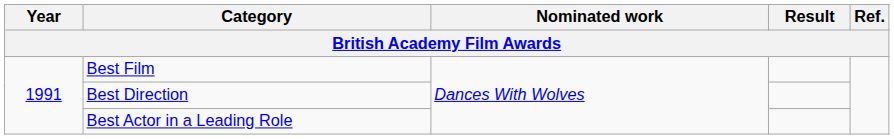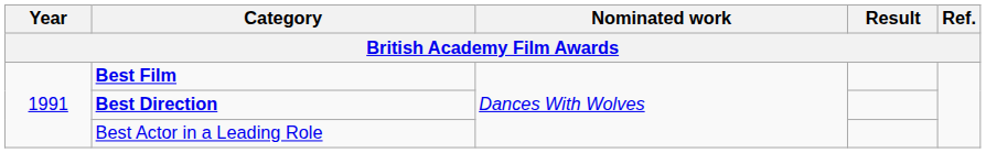 <table class=wikitable>
 <tr>
 <th scope="col" style="width:5em;">Year</th>
 <th scope="col" style="width:26em;">Category</th>
 <th scope="col" style="width:25em;">Nominated work</th>
 <th scope="col" style="width:5em;">Result</th>
 <th>Ref.</th>
 </tr>
 <tr>
 <th colspan=5><a href='#'>British Academy Film Awards</a></th>
 </tr>
 <tr>
 <td style="text-align:center;", rowspan="3"><a href='#'>1991</a></td>
-<td><a href='#'>Best Film</a></td>
+<td><strong><a href='#'>Best Film</a></strong></td>
 <td rowspan="3"><em><a href='#'>Dances With Wolves</a></em></td>
 <td></td>
 <td rowspan="3"></td>
 </tr>
 <tr>
-<td><a href='#'>Best Direction</a></td>
+<td><strong><a href='#'>Best Direction</a></strong></td>
 <td></td>
 </tr>
 <tr>
 <td><a href='#'>Best Actor in a Leading Role</a></td>
 <td></td>
 </tr>
 </table>
